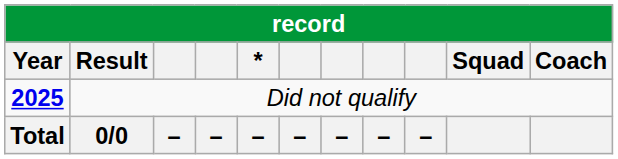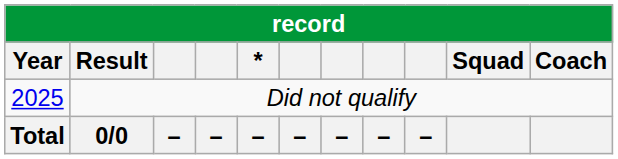 <table class="wikitable mw-collapsible" style="text-align: center;font-size:95%;">
 <tr>
 <th colspan="11" style="background: #009739; color: #FFFFFF;"><a href='#'></a> record</th>
 </tr>
 <tr>
 <th>Year</th>
 <th>Result</th>
 <th width=20></th>
 <th width=20></th>
 <th width=20>*</th>
 <th width=20></th>
 <th width=20></th>
 <th width=20></th>
 <th width=20></th>
 <th>Squad</th>
 <th>Coach</th>
 </tr>
 <tr>
-<td><strong> <a href='#'>2025</a></strong></td>
+<td> <a href='#'>2025</a></td>
 <td colspan=10><em>Did not qualify</em></td>
 </tr>
 <tr>
 <th>Total</th>
 <th>0/0</th>
 <th>–</th>
 <th>–</th>
 <th>–</th>
 <th>–</th>
 <th>–</th>
 <th>–</th>
 <th>–</th>
 <th></th>
 <th></th>
 </tr>
 </table>
